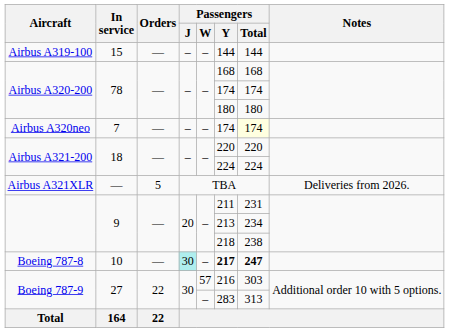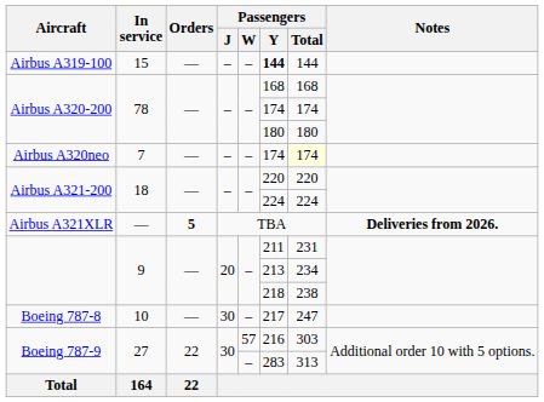 <table class="wikitable" style="text-align:center; margin:0.5em auto">
 <tr>
 <th rowspan=2>Aircraft</th>
 <th rowspan=2>In <br> service</th>
 <th rowspan=2>Orders</th>
 <th colspan=4>Passengers</th>
 <th rowspan=2>Notes</th>
 </tr>
 <tr>
 <th><abbr>J</abbr></th>
 <th><abbr>W</abbr></th>
 <th><abbr>Y</abbr></th>
 <th>Total</th>
 </tr>
 <tr>
 <td><a href='#'>Airbus A319-100</a></td>
 <td>15</td>
 <td>—</td>
 <td>–</td>
 <td>–</td>
-<td>144</td>
+<td><strong>144</strong></td>
 <td>144</td>
 <td></td>
 </tr>
 <tr>
 <td rowspan="3"><a href='#'>Airbus A320-200</a></td>
 <td rowspan="3">78</td>
 <td rowspan="3">—</td>
 <td rowspan="3">–</td>
 <td rowspan="3">–</td>
 <td>168</td>
 <td>168</td>
 <td rowspan="3"></td>
 </tr>
 <tr>
 <td>174</td>
 <td>174</td>
 </tr>
 <tr>
 <td>180</td>
 <td>180</td>
 </tr>
 <tr>
 <td><a href='#'>Airbus A320neo</a></td>
 <td>7</td>
 <td>—</td>
 <td>–</td>
 <td>–</td>
 <td>174</td>
 <td style="background: lightyellow;">174</td>
 <td></td>
 </tr>
 <tr>
 <td rowspan="2"><a href='#'>Airbus A321-200</a></td>
 <td rowspan="2">18</td>
 <td rowspan="2">—</td>
 <td rowspan="2">–</td>
 <td rowspan="2">–</td>
 <td>220</td>
 <td>220</td>
 <td rowspan="2"></td>
 </tr>
 <tr>
 <td>224</td>
 <td>224</td>
 </tr>
 <tr>
 <td><a href='#'>Airbus A321XLR</a></td>
 <td>—</td>
-<td>5</td>
+<td><strong>5</strong></td>
 <td colspan="4"><abbr>TBA</abbr></td>
-<td>Deliveries from 2026.</td>
+<td><strong>Deliveries from 2026.</strong></td>
 </tr>
 <tr>
 <td rowspan="3"></td>
 <td rowspan="3">9</td>
 <td rowspan="3">—</td>
 <td rowspan="3">20</td>
 <td rowspan="3">–</td>
 <td>211</td>
 <td>231</td>
 <td rowspan="3"></td>
 </tr>
 <tr>
 <td>213</td>
 <td>234</td>
 </tr>
 <tr>
 <td>218</td>
 <td>238</td>
 </tr>
 <tr>
 <td><a href='#'>Boeing 787-8</a></td>
 <td>10</td>
 <td>—</td>
-<td style="background: paleturquoise;">30</td>
+<td>30</td>
 <td>–</td>
-<td><strong>217</strong></td>
-<td><strong>247</strong></td>
+<td>217</td>
+<td>247</td>
 <td></td>
 </tr>
 <tr>
 <td rowspan="2"><a href='#'>Boeing 787-9</a></td>
 <td rowspan="2">27</td>
 <td rowspan="2">22</td>
 <td rowspan="2">30</td>
 <td>57</td>
 <td>216</td>
 <td>303</td>
 <td rowspan="2">Additional order 10 with 5 options.</td>
 </tr>
 <tr>
 <td>–</td>
 <td>283</td>
 <td>313</td>
 </tr>
 <tr>
 <th>Total</th>
 <th>164</th>
 <th>22</th>
 <th colspan=5></th>
 </tr>
 </table>
